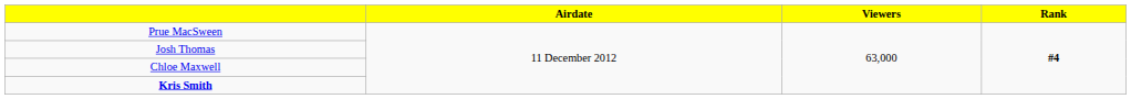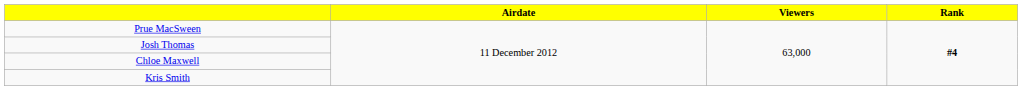 <table class="wikitable" style="text-align:center; width:100%;">
 <tr>
 <th scope="col" style="background:yellow;"></th>
 <th scope="col" style="background:yellow;">Airdate</th>
 <th scope="col" style="background:yellow;">Viewers</th>
 <th scope="col" style="background:yellow;">Rank</th>
 </tr>
 <tr>
 <td><a href='#'>Prue MacSween</a></td>
 <td rowspan="4">11 December 2012</td>
 <td rowspan="4">63,000</td>
 <td rowspan="4"><strong>#4</strong></td>
 </tr>
 <tr>
 <td><a href='#'>Josh Thomas</a></td>
 </tr>
 <tr>
 <td><a href='#'>Chloe Maxwell</a></td>
 </tr>
 <tr>
-<td><strong><a href='#'>Kris Smith</a></strong></td>
+<td><a href='#'>Kris Smith</a></td>
 </tr>
 </table>
